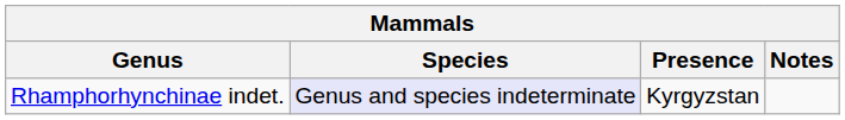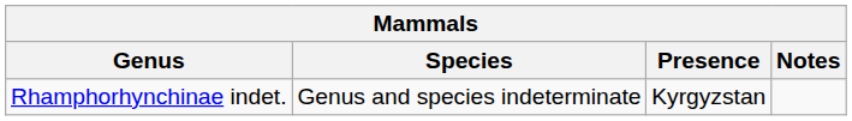 <table class="wikitable" align="center">
 <tr>
 <th colspan="5" align="center">Mammals</th>
 </tr>
 <tr>
 <th>Genus</th>
 <th>Species</th>
 <th>Presence</th>
 <th>Notes</th>
 </tr>
 <tr>
 <td><a href='#'>Rhamphorhynchinae</a> indet.</td>
-<td style="background: lavender;">Genus and species indeterminate</td>
+<td>Genus and species indeterminate</td>
 <td>Kyrgyzstan</td>
 <td></td>
 </tr>
 </table>
